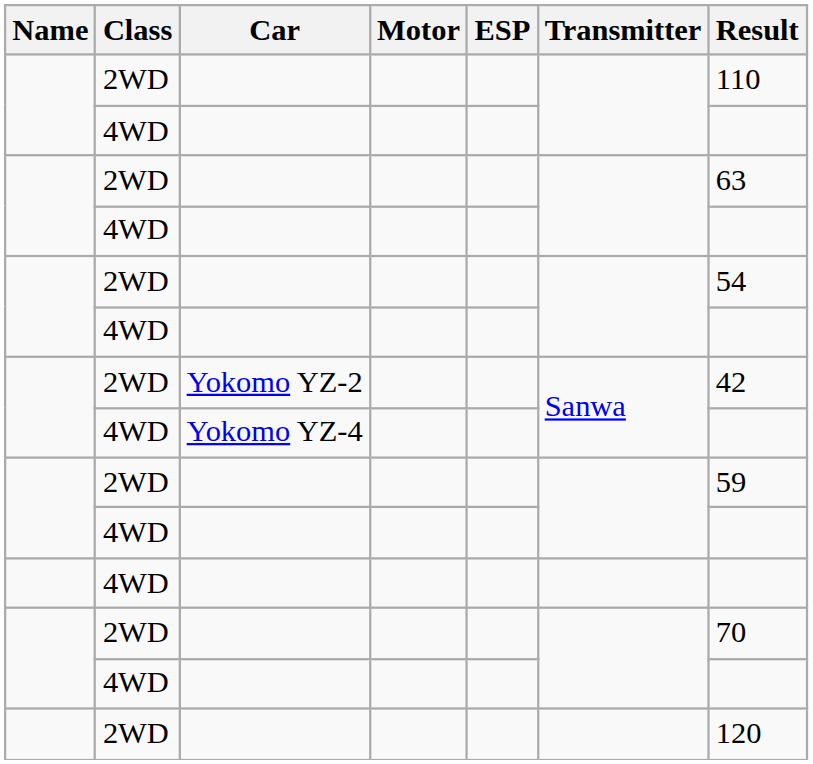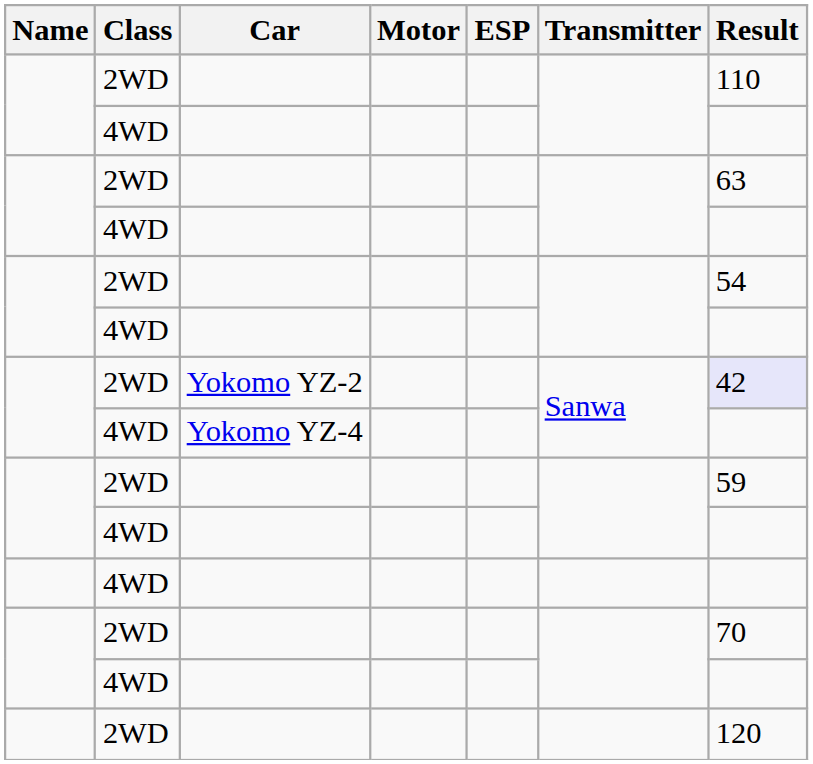 <table class="wikitable" style="font-size: 85%;">
 <tr>
 <th>Name</th>
 <th>Class</th>
 <th>Car</th>
 <th>Motor</th>
 <th>ESP</th>
 <th>Transmitter</th>
 <th>Result</th>
 </tr>
 <tr>
 <td rowspan=2> </td>
 <td>2WD</td>
 <td></td>
 <td></td>
 <td></td>
 <td rowspan=2></td>
 <td>110</td>
 </tr>
 <tr>
 <td>4WD</td>
 <td></td>
 <td></td>
 <td></td>
 <td></td>
 </tr>
 <tr>
 <td rowspan=2> </td>
 <td>2WD</td>
 <td></td>
 <td></td>
 <td></td>
 <td rowspan=2></td>
 <td>63</td>
 </tr>
 <tr>
 <td>4WD</td>
 <td></td>
 <td></td>
 <td></td>
 <td></td>
 </tr>
 <tr>
 <td rowspan=2> </td>
 <td>2WD</td>
 <td></td>
 <td></td>
 <td></td>
 <td rowspan=2></td>
 <td>54</td>
 </tr>
 <tr>
 <td>4WD</td>
 <td></td>
 <td></td>
 <td></td>
 <td></td>
 </tr>
 <tr>
 <td rowspan=2> </td>
 <td>2WD</td>
 <td><a href='#'>Yokomo</a> YZ-2</td>
 <td></td>
 <td></td>
 <td rowspan=2><a href='#'>Sanwa</a></td>
-<td>42</td>
+<td style="background: lavender;">42</td>
 </tr>
 <tr>
 <td>4WD</td>
 <td><a href='#'>Yokomo</a> YZ-4</td>
 <td></td>
 <td></td>
 <td></td>
 </tr>
 <tr>
 <td rowspan=2> </td>
 <td>2WD</td>
 <td></td>
 <td></td>
 <td></td>
 <td rowspan=2></td>
 <td>59</td>
 </tr>
 <tr>
 <td>4WD</td>
 <td></td>
 <td></td>
 <td></td>
 <td></td>
 </tr>
 <tr>
 <td></td>
 <td>4WD</td>
 <td></td>
 <td></td>
 <td></td>
 <td></td>
 <td></td>
 </tr>
 <tr>
 <td rowspan=2> </td>
 <td>2WD</td>
 <td></td>
 <td></td>
 <td></td>
 <td rowspan=2></td>
 <td>70</td>
 </tr>
 <tr>
 <td>4WD</td>
 <td></td>
 <td></td>
 <td></td>
 <td></td>
 </tr>
 <tr>
 <td></td>
 <td>2WD</td>
 <td></td>
 <td></td>
 <td></td>
 <td></td>
 <td>120</td>
 </tr>
 </table>
